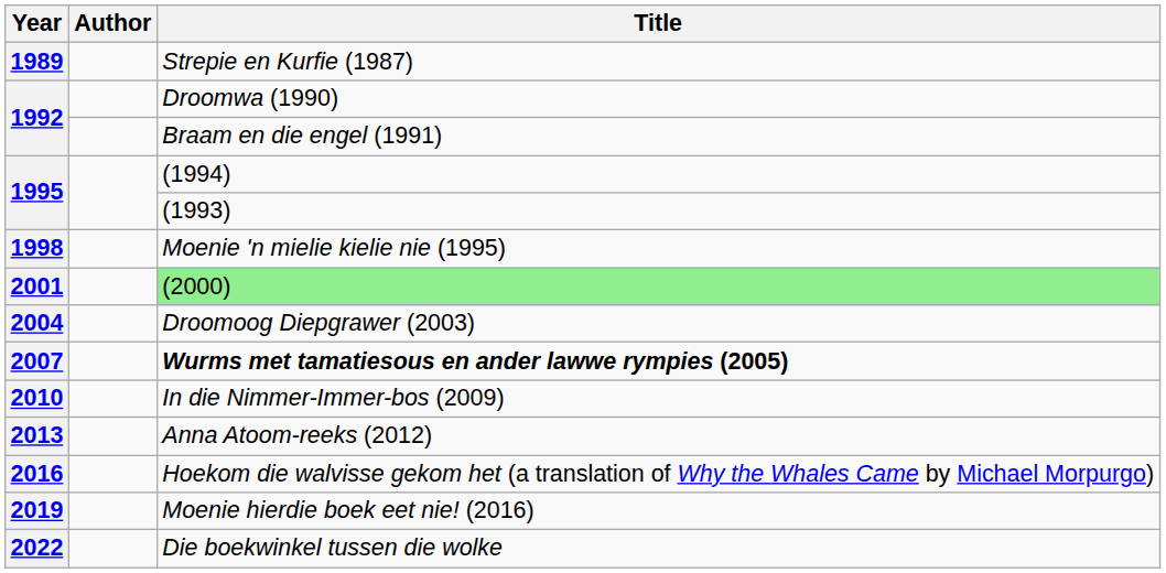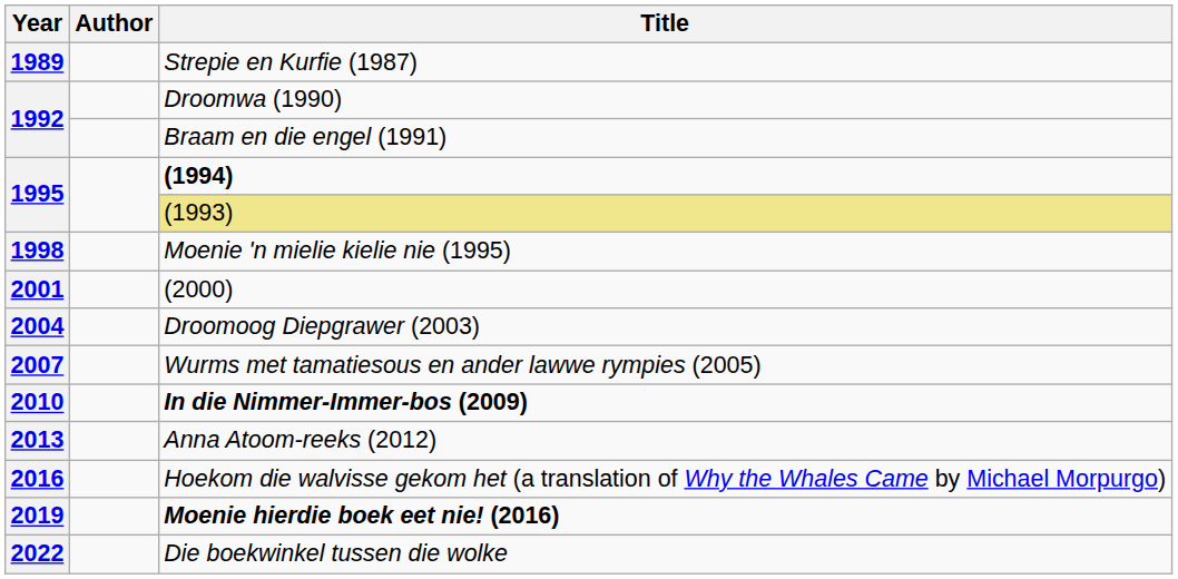 <table class="wikitable sortable mw-collapsible">
 <tr>
 <th>Year</th>
 <th>Author</th>
 <th>Title</th>
 </tr>
 <tr>
 <th><a href='#'>1989</a></th>
 <td></td>
 <td><em>Strepie en Kurfie</em> (1987)</td>
 </tr>
 <tr>
 <th rowspan="2"><a href='#'>1992</a></th>
 <td></td>
 <td><em>Droomwa</em> (1990)</td>
 </tr>
 <tr>
 <td></td>
 <td><em>Braam en die engel</em> (1991)</td>
 </tr>
 <tr>
 <th rowspan="2"><a href='#'>1995</a></th>
 <td rowspan="2"></td>
-<td> (1994)</td>
+<td><strong> (1994)</strong></td>
 </tr>
 <tr>
-<td> (1993)</td>
+<td style="background: khaki;"> (1993)</td>
 </tr>
 <tr>
 <th><a href='#'>1998</a></th>
 <td></td>
 <td><em>Moenie 'n mielie kielie nie</em> (1995)</td>
 </tr>
 <tr>
 <th><a href='#'>2001</a></th>
 <td></td>
-<td style="background: lightgreen;"> (2000)</td>
+<td> (2000)</td>
 </tr>
 <tr>
 <th><a href='#'>2004</a></th>
 <td></td>
 <td><em>Droomoog Diepgrawer</em> (2003)</td>
 </tr>
 <tr>
 <th><a href='#'>2007</a></th>
 <td></td>
-<td><strong><em>Wurms met tamatiesous en ander lawwe rympies</em> (2005)</strong></td>
+<td><em>Wurms met tamatiesous en ander lawwe rympies</em> (2005)</td>
 </tr>
 <tr>
 <th><a href='#'>2010</a></th>
 <td></td>
-<td><em>In die Nimmer-Immer-bos</em> (2009)</td>
+<td><strong><em>In die Nimmer-Immer-bos</em> (2009)</strong></td>
 </tr>
 <tr>
 <th><a href='#'>2013</a></th>
 <td></td>
 <td><em>Anna Atoom-reeks</em> (2012)</td>
 </tr>
 <tr>
 <th><a href='#'>2016</a></th>
 <td></td>
 <td><em>Hoekom die walvisse gekom het</em> (a translation of <em><a href='#'>Why the Whales Came</a></em> by <a href='#'>Michael Morpurgo</a>)</td>
 </tr>
 <tr>
 <th><a href='#'>2019</a></th>
 <td></td>
-<td><em>Moenie hierdie boek eet nie!</em> (2016)</td>
+<td><strong><em>Moenie hierdie boek eet nie!</em> (2016)</strong></td>
 </tr>
 <tr>
 <th><a href='#'>2022</a></th>
 <td></td>
 <td><em>Die boekwinkel tussen die wolke</em></td>
 </tr>
 </table>
